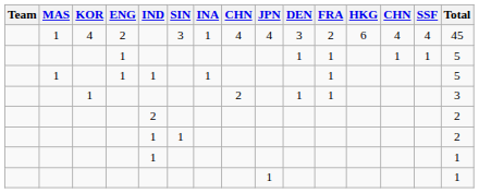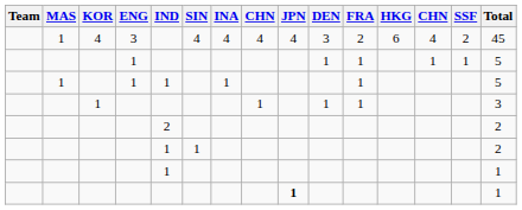 <table class=wikitable style="font-size:85%; text-align:center">
 <tr>
 <th>Team</th>
 <th><a href='#'>MAS</a></th>
 <th><a href='#'>KOR</a></th>
 <th><a href='#'>ENG</a></th>
 <th><a href='#'>IND</a></th>
 <th><a href='#'>SIN</a></th>
 <th><a href='#'>INA</a></th>
 <th><a href='#'>CHN</a></th>
 <th><a href='#'>JPN</a></th>
 <th><a href='#'>DEN</a></th>
 <th><a href='#'>FRA</a></th>
 <th><a href='#'>HKG</a></th>
 <th><a href='#'>CHN</a></th>
 <th><a href='#'>SSF</a></th>
 <th>Total</th>
 </tr>
 <tr>
 <td align=left></td>
 <td>1</td>
 <td>4</td>
-<td>2</td>
+<td>3</td>
 <td></td>
-<td>3</td>
-<td>1</td>
+<td>4</td>
+<td>4</td>
 <td>4</td>
 <td>4</td>
 <td>3</td>
 <td>2</td>
 <td>6</td>
 <td>4</td>
-<td>4</td>
+<td>2</td>
 <td>45</td>
 </tr>
 <tr>
 <td align=left></td>
 <td></td>
 <td></td>
 <td>1</td>
 <td></td>
 <td></td>
 <td></td>
 <td></td>
 <td></td>
 <td>1</td>
 <td>1</td>
 <td></td>
 <td>1</td>
 <td>1</td>
 <td>5</td>
 </tr>
 <tr>
 <td align=left></td>
 <td>1</td>
 <td></td>
 <td>1</td>
 <td>1</td>
 <td></td>
 <td>1</td>
 <td></td>
 <td></td>
 <td></td>
 <td>1</td>
 <td></td>
 <td></td>
 <td></td>
 <td>5</td>
 </tr>
 <tr>
 <td align=left></td>
 <td></td>
 <td>1</td>
 <td></td>
 <td></td>
 <td></td>
 <td></td>
-<td>2</td>
+<td>1</td>
 <td></td>
 <td>1</td>
 <td>1</td>
 <td></td>
 <td></td>
 <td></td>
 <td>3</td>
 </tr>
 <tr>
 <td align=left></td>
 <td></td>
 <td></td>
 <td></td>
 <td>2</td>
 <td></td>
 <td></td>
 <td></td>
 <td></td>
 <td></td>
 <td></td>
 <td></td>
 <td></td>
 <td></td>
 <td>2</td>
 </tr>
 <tr>
 <td align=left></td>
 <td></td>
 <td></td>
 <td></td>
 <td>1</td>
 <td>1</td>
 <td></td>
 <td></td>
 <td></td>
 <td></td>
 <td></td>
 <td></td>
 <td></td>
 <td></td>
 <td>2</td>
 </tr>
 <tr>
 <td align=left></td>
 <td></td>
 <td></td>
 <td></td>
 <td>1</td>
 <td></td>
 <td></td>
 <td></td>
 <td></td>
 <td></td>
 <td></td>
 <td></td>
 <td></td>
 <td></td>
 <td>1</td>
 </tr>
 <tr>
 <td align=left></td>
 <td></td>
 <td></td>
 <td></td>
 <td></td>
 <td></td>
 <td></td>
 <td></td>
-<td>1</td>
+<td><strong>1</strong></td>
 <td></td>
 <td></td>
 <td></td>
 <td></td>
 <td></td>
 <td>1</td>
 </tr>
 </table>
